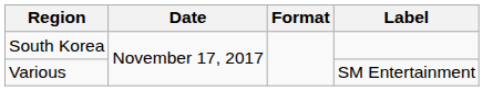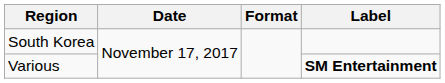 <table class="wikitable">
 <tr>
 <th>Region</th>
 <th>Date</th>
 <th>Format</th>
 <th>Label</th>
 </tr>
 <tr>
 <td>South Korea</td>
 <td rowspan="2">November 17, 2017</td>
 <td rowspan="2"></td>
 <td></td>
 </tr>
 <tr>
 <td>Various</td>
-<td>SM Entertainment</td>
+<td><strong>SM Entertainment</strong></td>
 </tr>
 </table>
